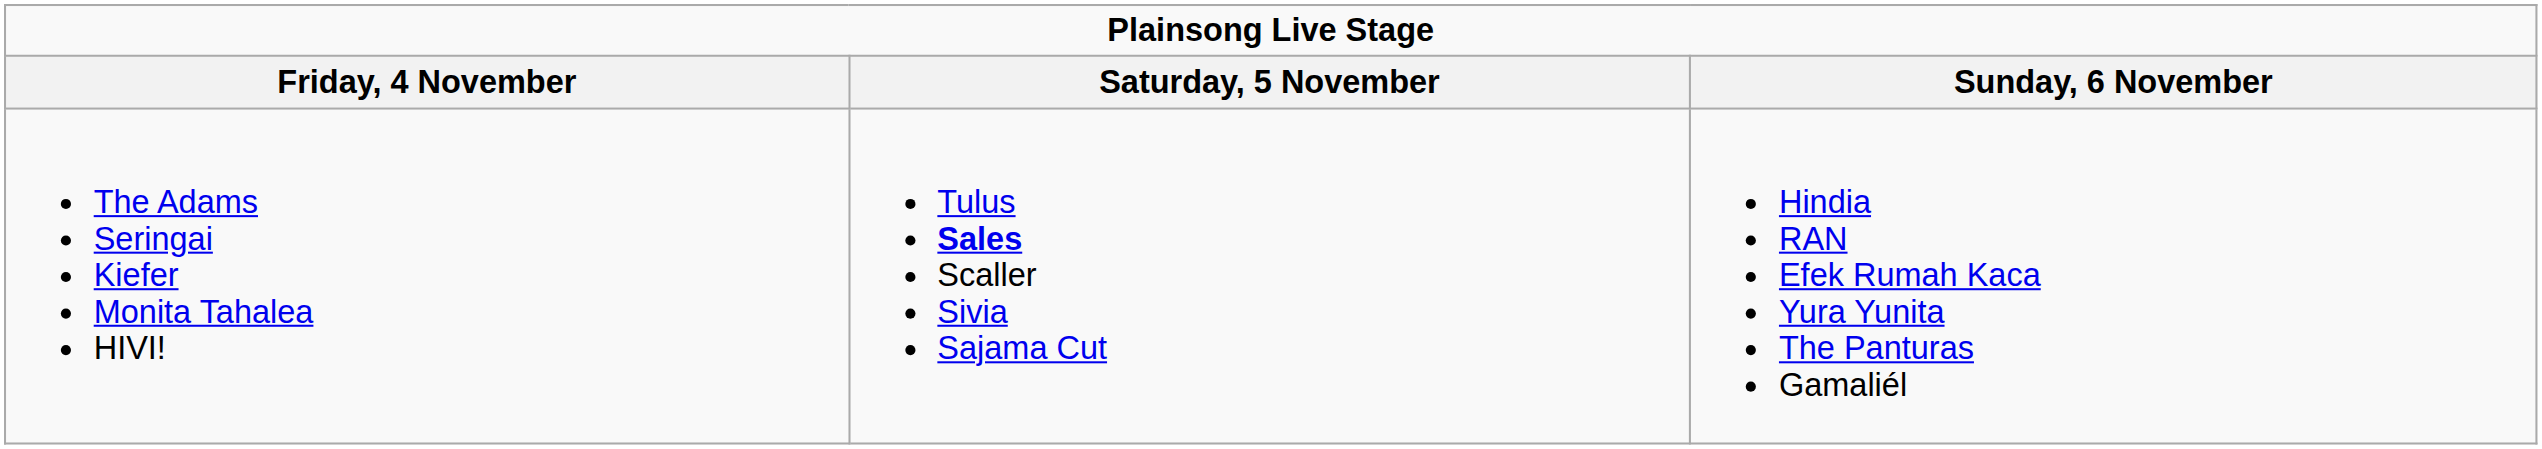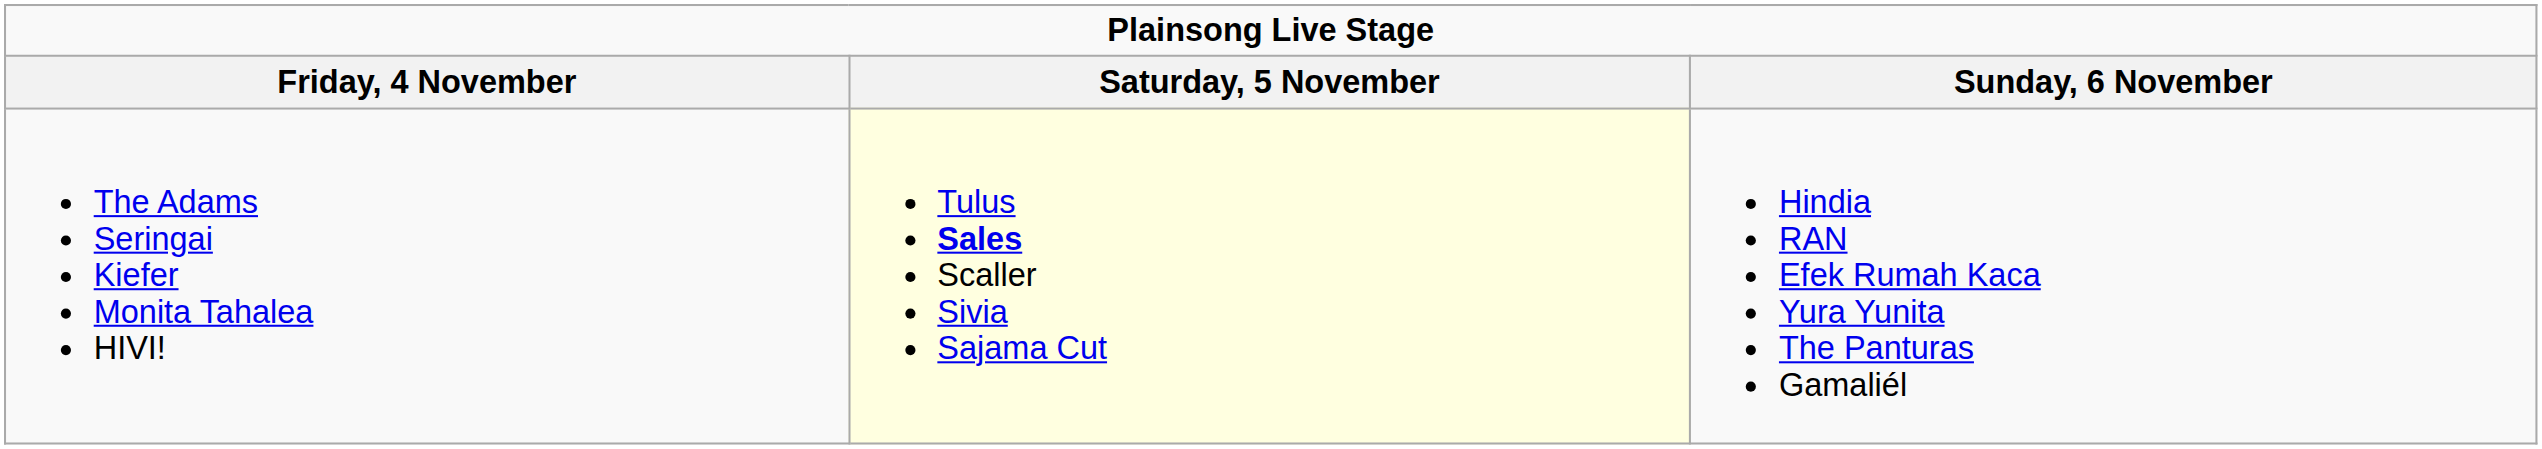 <table class="wikitable">
 <tr>
 <td colspan="4" align="center"><strong>Plainsong Live Stage</strong></td>
 </tr>
 <tr>
 <th width="500">Friday, 4 November</th>
 <th width="500">Saturday, 5 November</th>
 <th width="500">Sunday, 6 November</th>
 </tr>
 <tr valign="top">
 <td><br><ul><li><a href='#'>The Adams</a></li><li><a href='#'>Seringai</a></li><li><a href='#'>Kiefer</a></li><li><a href='#'>Monita Tahalea</a></li><li>HIVI!</li></ul></td>
-<td><br><ul><li><a href='#'>Tulus</a></li><li><strong><a href='#'>Sales</a></strong></li><li>Scaller</li><li><a href='#'>Sivia</a></li><li><a href='#'>Sajama Cut</a></li></ul></td>
+<td style="background: lightyellow;"><br><ul><li><a href='#'>Tulus</a></li><li><strong><a href='#'>Sales</a></strong></li><li>Scaller</li><li><a href='#'>Sivia</a></li><li><a href='#'>Sajama Cut</a></li></ul></td>
 <td><br><ul><li><a href='#'>Hindia</a></li><li><a href='#'>RAN</a></li><li><a href='#'>Efek Rumah Kaca</a></li><li><a href='#'>Yura Yunita</a></li><li><a href='#'>The Panturas</a></li><li>Gamaliél</li></ul></td>
 </tr>
 </table>
